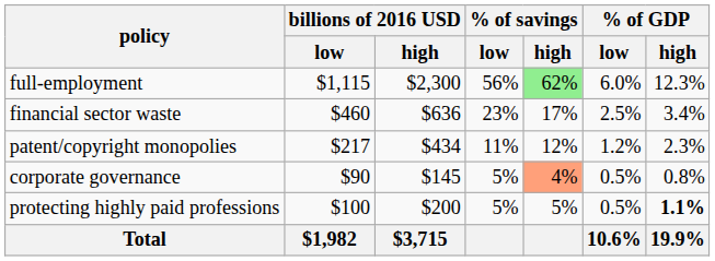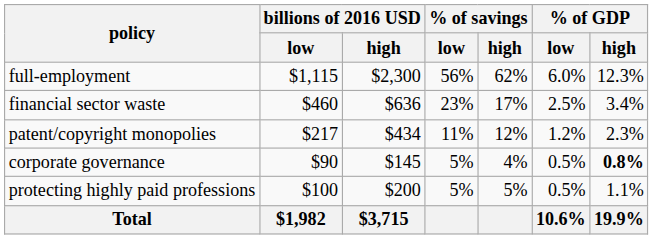 <table class="wikitable">
 <tr>
 <th rowspan="2">policy</th>
 <th colspan="2">billions of 2016 USD</th>
 <th colspan="2">% of savings</th>
 <th colspan="2">% of GDP</th>
 </tr>
 <tr>
 <th>low</th>
 <th>high</th>
 <th>low</th>
 <th>high</th>
 <th>low</th>
 <th>high</th>
 </tr>
 <tr>
 <td>full-employment</td>
 <td align="right">$1,115</td>
 <td align="right">$2,300</td>
 <td align="right">56%</td>
-<td align="right" style="background: lightgreen;">62%</td>
+<td align="right">62%</td>
 <td align="right">6.0%</td>
 <td align="right">12.3%</td>
 </tr>
 <tr>
 <td>financial sector waste</td>
 <td align="right">$460</td>
 <td align="right">$636</td>
 <td align="right">23%</td>
 <td align="right">17%</td>
 <td align="right">2.5%</td>
 <td align="right">3.4%</td>
 </tr>
 <tr>
 <td>patent/copyright monopolies</td>
 <td align="right">$217</td>
 <td align="right">$434</td>
 <td align="right">11%</td>
 <td align="right">12%</td>
 <td align="right">1.2%</td>
 <td align="right">2.3%</td>
 </tr>
 <tr>
 <td>corporate governance</td>
 <td align="right">$90</td>
 <td align="right">$145</td>
 <td align="right">5%</td>
-<td align="right" style="background: lightsalmon;">4%</td>
+<td align="right">4%</td>
 <td align="right">0.5%</td>
-<td align="right">0.8%</td>
+<td align="right"><strong>0.8%</strong></td>
 </tr>
 <tr>
 <td>protecting highly paid professions</td>
 <td align="right">$100</td>
 <td align="right">$200</td>
 <td align="right">5%</td>
 <td align="right">5%</td>
 <td align="right">0.5%</td>
-<td align="right"><strong>1.1%</strong></td>
+<td align="right">1.1%</td>
 </tr>
 <tr>
 <th>Total</th>
 <th align="right">$1,982</th>
 <th align="right">$3,715</th>
 <th></th>
 <th></th>
 <th align="right">10.6%</th>
 <th align="right">19.9%</th>
 </tr>
 </table>
